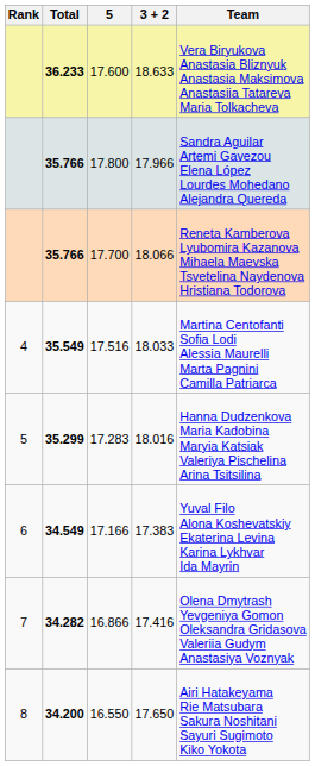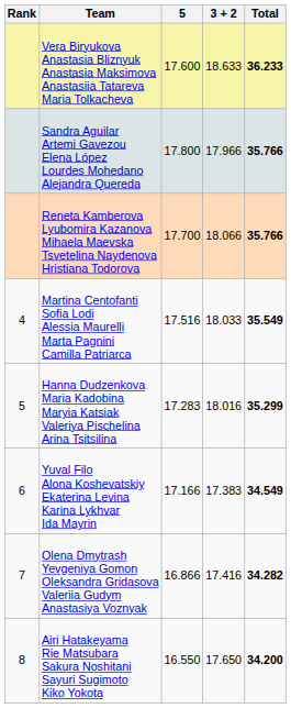 <table class="wikitable sortable" style="text-align:center">
 <tr>
 <th scope=col>Rank</th>
-<th scope=col>Total</th>
+<th scope=col>Team</th>
 <th scope=col>5 </th>
 <th scope=col>3  + 2 </th>
-<th scope=col>Team</th>
+<th scope=col>Total</th>
 </tr>
 <tr style="background:#F7F6A8;">
 <td></td>
-<td><strong>36.233</strong></td>
+<td align=left><br><a href='#'>Vera Biryukova</a><br><a href='#'>Anastasia Bliznyuk</a><br><a href='#'>Anastasia Maksimova</a><br><a href='#'>Anastasiia Tatareva</a><br><a href='#'>Maria Tolkacheva</a></td>
 <td>17.600</td>
 <td>18.633</td>
-<td align=left><br><a href='#'>Vera Biryukova</a><br><a href='#'>Anastasia Bliznyuk</a><br><a href='#'>Anastasia Maksimova</a><br><a href='#'>Anastasiia Tatareva</a><br><a href='#'>Maria Tolkacheva</a></td>
+<td><strong>36.233</strong></td>
 </tr>
 <tr style="background:#DCE5E5;">
 <td></td>
-<td><strong>35.766</strong></td>
+<td align=left><br><a href='#'>Sandra Aguilar</a><br><a href='#'>Artemi Gavezou</a><br><a href='#'>Elena López</a><br><a href='#'>Lourdes Mohedano</a><br><a href='#'>Alejandra Quereda</a></td>
 <td>17.800</td>
 <td>17.966</td>
-<td align=left><br><a href='#'>Sandra Aguilar</a><br><a href='#'>Artemi Gavezou</a><br><a href='#'>Elena López</a><br><a href='#'>Lourdes Mohedano</a><br><a href='#'>Alejandra Quereda</a></td>
+<td><strong>35.766</strong></td>
 </tr>
 <tr style="background:#FFDAB9;">
 <td></td>
-<td><strong>35.766</strong></td>
+<td align=left><br><a href='#'>Reneta Kamberova</a><br><a href='#'>Lyubomira Kazanova</a><br><a href='#'>Mihaela Maevska</a><br><a href='#'>Tsvetelina Naydenova</a><br><a href='#'>Hristiana Todorova</a></td>
 <td>17.700</td>
 <td>18.066</td>
-<td align=left><br><a href='#'>Reneta Kamberova</a><br><a href='#'>Lyubomira Kazanova</a><br><a href='#'>Mihaela Maevska</a><br><a href='#'>Tsvetelina Naydenova</a><br><a href='#'>Hristiana Todorova</a></td>
+<td><strong>35.766</strong></td>
 </tr>
 <tr>
 <td>4</td>
-<td><strong>35.549</strong></td>
+<td align=left><br><a href='#'>Martina Centofanti</a><br><a href='#'>Sofia Lodi</a><br><a href='#'>Alessia Maurelli</a><br><a href='#'>Marta Pagnini</a><br><a href='#'>Camilla Patriarca</a></td>
 <td>17.516</td>
 <td>18.033</td>
-<td align=left><br><a href='#'>Martina Centofanti</a><br><a href='#'>Sofia Lodi</a><br><a href='#'>Alessia Maurelli</a><br><a href='#'>Marta Pagnini</a><br><a href='#'>Camilla Patriarca</a></td>
+<td><strong>35.549</strong></td>
 </tr>
 <tr>
 <td>5</td>
-<td><strong>35.299</strong></td>
+<td align=left><br><a href='#'>Hanna Dudzenkova</a><br><a href='#'>Maria Kadobina</a><br><a href='#'>Maryia Katsiak</a><br><a href='#'>Valeriya Pischelina</a><br><a href='#'>Arina Tsitsilina</a></td>
 <td>17.283</td>
 <td>18.016</td>
-<td align=left><br><a href='#'>Hanna Dudzenkova</a><br><a href='#'>Maria Kadobina</a><br><a href='#'>Maryia Katsiak</a><br><a href='#'>Valeriya Pischelina</a><br><a href='#'>Arina Tsitsilina</a></td>
+<td><strong>35.299</strong></td>
 </tr>
 <tr>
 <td>6</td>
-<td><strong>34.549</strong></td>
+<td align=left><br><a href='#'>Yuval Filo</a><br><a href='#'>Alona Koshevatskiy</a><br><a href='#'>Ekaterina Levina</a><br><a href='#'>Karina Lykhvar</a><br><a href='#'>Ida Mayrin</a></td>
 <td>17.166</td>
 <td>17.383</td>
-<td align=left><br><a href='#'>Yuval Filo</a><br><a href='#'>Alona Koshevatskiy</a><br><a href='#'>Ekaterina Levina</a><br><a href='#'>Karina Lykhvar</a><br><a href='#'>Ida Mayrin</a></td>
+<td><strong>34.549</strong></td>
 </tr>
 <tr>
 <td>7</td>
-<td><strong>34.282</strong></td>
+<td align=left><br><a href='#'>Olena Dmytrash</a><br><a href='#'>Yevgeniya Gomon</a><br><a href='#'>Oleksandra Gridasova</a><br><a href='#'>Valeriia Gudym</a><br><a href='#'>Anastasiya Voznyak</a></td>
 <td>16.866</td>
 <td>17.416</td>
-<td align=left><br><a href='#'>Olena Dmytrash</a><br><a href='#'>Yevgeniya Gomon</a><br><a href='#'>Oleksandra Gridasova</a><br><a href='#'>Valeriia Gudym</a><br><a href='#'>Anastasiya Voznyak</a></td>
+<td><strong>34.282</strong></td>
 </tr>
 <tr>
 <td>8</td>
-<td><strong>34.200</strong></td>
+<td align=left><br><a href='#'>Airi Hatakeyama</a><br><a href='#'>Rie Matsubara</a><br><a href='#'>Sakura Noshitani</a><br><a href='#'>Sayuri Sugimoto</a><br><a href='#'>Kiko Yokota</a></td>
 <td>16.550</td>
 <td>17.650</td>
-<td align=left><br><a href='#'>Airi Hatakeyama</a><br><a href='#'>Rie Matsubara</a><br><a href='#'>Sakura Noshitani</a><br><a href='#'>Sayuri Sugimoto</a><br><a href='#'>Kiko Yokota</a></td>
+<td><strong>34.200</strong></td>
 </tr>
 </table>
